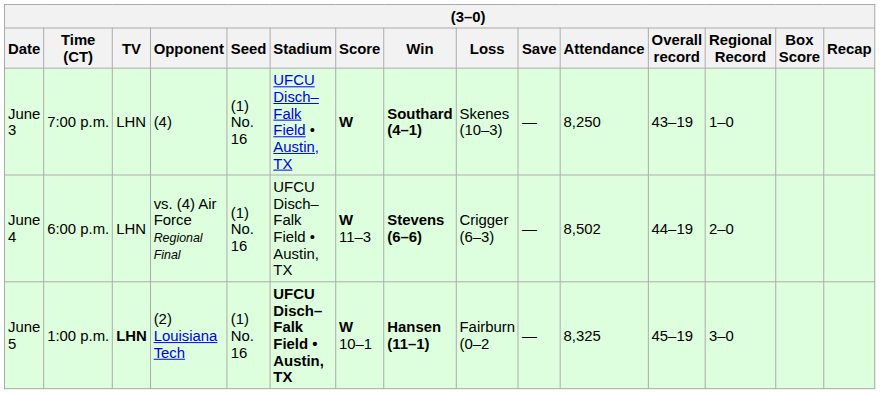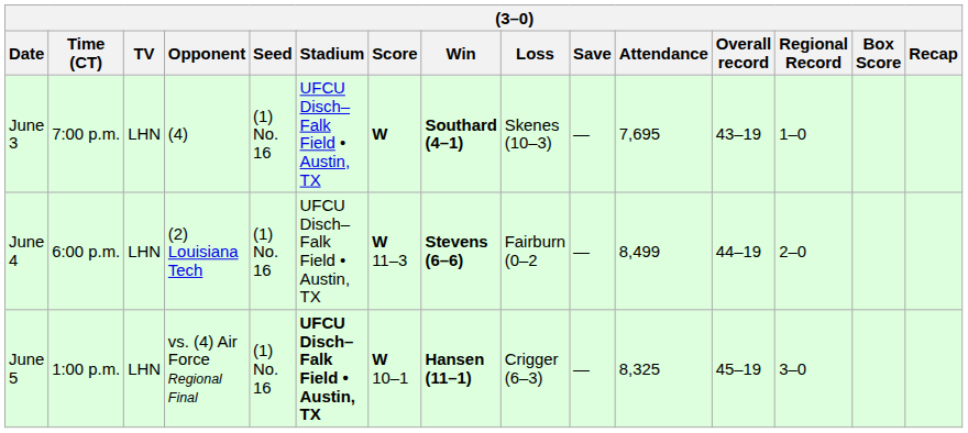 <table class="wikitable collapsible" style="margin:auto; font-size:95%; width:100%">
 <tr>
 <th colspan=15 style="padding-left:4em;"> (3–0)</th>
 </tr>
 <tr>
 <th>Date</th>
 <th>Time (CT)</th>
 <th>TV</th>
 <th>Opponent</th>
 <th>Seed</th>
 <th>Stadium</th>
 <th>Score</th>
 <th>Win</th>
 <th>Loss</th>
 <th>Save</th>
 <th>Attendance</th>
 <th>Overall record</th>
 <th>Regional Record</th>
 <th>Box Score</th>
 <th>Recap</th>
 </tr>
 <tr bgcolor=#ddffdd>
 <td>June 3</td>
 <td>7:00 p.m.</td>
 <td>LHN</td>
 <td>(4) </td>
 <td>(1) No. 16</td>
 <td><a href='#'>UFCU Disch–Falk Field</a> • <a href='#'>Austin, TX</a></td>
 <td><strong>W</strong><br></td>
 <td><strong>Southard<br>(4–1)</strong></td>
 <td>Skenes<br>(10–3)</td>
 <td>—</td>
-<td>8,250</td>
+<td>7,695</td>
 <td>43–19</td>
 <td>1–0</td>
 <td></td>
 <td><br></td>
 </tr>
 <tr bgcolor=#ddffdd>
 <td>June 4</td>
 <td>6:00 p.m.</td>
 <td>LHN</td>
-<td>vs. (4) Air Force<br><em><small>Regional Final</small></em></td>
+<td>(2) <a href='#'>Louisiana Tech</a></td>
 <td>(1) No. 16</td>
 <td>UFCU Disch–Falk Field • Austin, TX</td>
 <td><strong>W</strong><br>11–3</td>
 <td><strong>Stevens<br>(6–6)</strong></td>
-<td>Crigger<br>(6–3)</td>
+<td>Fairburn<br>(0–2</td>
 <td>—</td>
-<td>8,502</td>
+<td>8,499</td>
 <td>44–19</td>
 <td>2–0</td>
 <td></td>
 <td><br></td>
 </tr>
 <tr bgcolor=#ddffdd>
 <td>June 5</td>
 <td>1:00 p.m.</td>
-<td><strong>LHN</strong></td>
-<td>(2) <a href='#'>Louisiana Tech</a></td>
+<td>LHN</td>
+<td>vs. (4) Air Force<br><em><small>Regional Final</small></em></td>
 <td>(1) No. 16</td>
 <td><strong>UFCU Disch–Falk Field • Austin, TX</strong></td>
 <td><strong>W</strong><br>10–1</td>
 <td><strong>Hansen<br>(11–1)</strong></td>
-<td>Fairburn<br>(0–2</td>
+<td>Crigger<br>(6–3)</td>
 <td>—</td>
 <td>8,325</td>
 <td>45–19</td>
 <td>3–0</td>
 <td></td>
 <td><br></td>
 </tr>
 </table>
